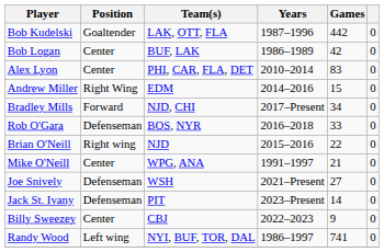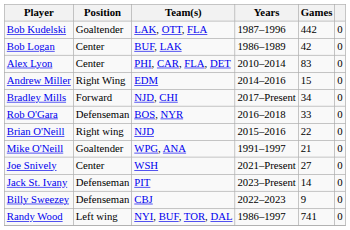 <table class="wikitable sortable">
 <tr>
 <th>Player</th>
 <th>Position</th>
 <th>Team(s)</th>
 <th>Years</th>
 <th>Games</th>
 <th><a href='#'></a></th>
 </tr>
 <tr>
 <td><a href='#'>Bob Kudelski</a></td>
 <td>Goaltender</td>
 <td><a href='#'>LAK</a>, <a href='#'>OTT</a>, <a href='#'>FLA</a></td>
 <td>1987–1996</td>
 <td>442</td>
 <td>0</td>
 </tr>
 <tr>
 <td><a href='#'>Bob Logan</a></td>
 <td>Center</td>
 <td><a href='#'>BUF</a>, <a href='#'>LAK</a></td>
 <td>1986–1989</td>
 <td>42</td>
 <td>0</td>
 </tr>
 <tr>
 <td><a href='#'>Alex Lyon</a></td>
 <td>Center</td>
 <td><a href='#'>PHI</a>, <a href='#'>CAR</a>, <a href='#'>FLA</a>, <a href='#'>DET</a></td>
 <td>2010–2014</td>
 <td>83</td>
 <td>0</td>
 </tr>
 <tr>
 <td><a href='#'>Andrew Miller</a></td>
 <td>Right Wing</td>
 <td><a href='#'>EDM</a></td>
 <td>2014–2016</td>
 <td>15</td>
 <td>0</td>
 </tr>
 <tr>
 <td><a href='#'>Bradley Mills</a></td>
 <td>Forward</td>
 <td><a href='#'>NJD</a>, <a href='#'>CHI</a></td>
 <td>2017–Present</td>
 <td>34</td>
 <td>0</td>
 </tr>
 <tr>
 <td><a href='#'>Rob O'Gara</a></td>
 <td>Defenseman</td>
 <td><a href='#'>BOS</a>, <a href='#'>NYR</a></td>
 <td>2016–2018</td>
 <td>33</td>
 <td>0</td>
 </tr>
 <tr>
 <td><a href='#'>Brian O'Neill</a></td>
 <td>Right wing</td>
 <td><a href='#'>NJD</a></td>
 <td>2015–2016</td>
 <td>22</td>
 <td>0</td>
 </tr>
 <tr>
 <td><a href='#'>Mike O'Neill</a></td>
-<td>Center</td>
+<td>Goaltender</td>
 <td><a href='#'>WPG</a>, <a href='#'>ANA</a></td>
 <td>1991–1997</td>
 <td>21</td>
 <td>0</td>
 </tr>
 <tr>
 <td><a href='#'>Joe Snively</a></td>
-<td>Defenseman</td>
+<td>Center</td>
 <td><a href='#'>WSH</a></td>
 <td>2021–Present</td>
 <td>27</td>
 <td>0</td>
 </tr>
 <tr>
 <td><a href='#'>Jack St. Ivany</a></td>
 <td>Defenseman</td>
 <td><a href='#'>PIT</a></td>
 <td>2023–Present</td>
 <td>14</td>
 <td>0</td>
 </tr>
 <tr>
 <td><a href='#'>Billy Sweezey</a></td>
-<td>Center</td>
+<td>Defenseman</td>
 <td><a href='#'>CBJ</a></td>
 <td>2022–2023</td>
 <td>9</td>
 <td>0</td>
 </tr>
 <tr>
 <td><a href='#'>Randy Wood</a></td>
 <td>Left wing</td>
 <td><a href='#'>NYI</a>, <a href='#'>BUF</a>, <a href='#'>TOR</a>, <a href='#'>DAL</a></td>
 <td>1986–1997</td>
 <td>741</td>
 <td>0</td>
 </tr>
 <tr>
 </tr>
 </table>
